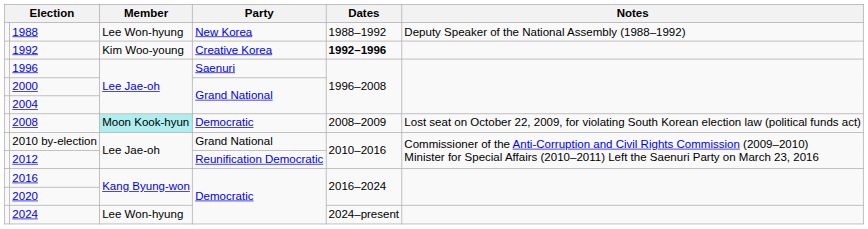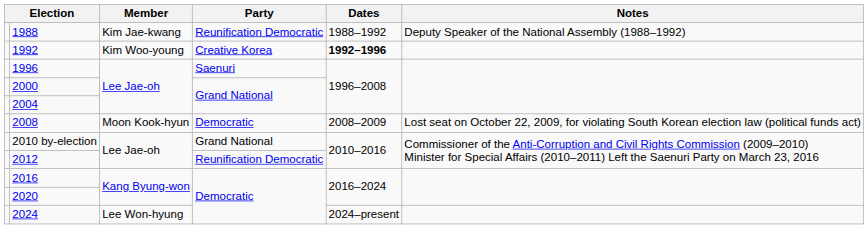 <table class="wikitable">
 <tr>
 <th colspan="2">Election</th>
 <th>Member</th>
 <th>Party</th>
 <th>Dates</th>
 <th>Notes</th>
 </tr>
 <tr>
 <td></td>
 <td><a href='#'>1988</a></td>
-<td>Lee Won-hyung</td>
-<td><a href='#'>New Korea</a></td>
+<td>Kim Jae-kwang</td>
+<td><a href='#'>Reunification Democratic</a></td>
 <td>1988–1992</td>
 <td>Deputy Speaker of the National Assembly (1988–1992)</td>
 </tr>
 <tr>
 <td></td>
 <td><a href='#'>1992</a></td>
 <td>Kim Woo-young</td>
 <td><a href='#'>Creative Korea</a></td>
 <td><strong>1992–1996</strong></td>
 <td></td>
 </tr>
 <tr>
 <td></td>
 <td><a href='#'>1996</a></td>
 <td rowspan="3"><a href='#'>Lee Jae-oh</a></td>
 <td><a href='#'>Saenuri</a></td>
 <td rowspan="3">1996–2008</td>
 <td rowspan="3"></td>
 </tr>
 <tr>
 <td></td>
 <td><a href='#'>2000</a></td>
 <td rowspan="2"><a href='#'>Grand National</a></td>
 </tr>
 <tr>
 <td></td>
 <td><a href='#'>2004</a></td>
 </tr>
 <tr>
 <td></td>
 <td><a href='#'>2008</a></td>
-<td style="background: paleturquoise;">Moon Kook-hyun</td>
+<td>Moon Kook-hyun</td>
 <td><a href='#'>Democratic</a></td>
 <td>2008–2009</td>
 <td>Lost seat on October 22, 2009, for violating South Korean election law (political funds act)</td>
 </tr>
 <tr>
 <td></td>
 <td>2010 by-election</td>
 <td rowspan="2">Lee Jae-oh</td>
 <td>Grand National</td>
 <td rowspan="2">2010–2016</td>
 <td rowspan="2">Commissioner of the <a href='#'>Anti-Corruption and Civil Rights Commission</a> (2009–2010)<br>Minister for Special Affairs (2010–2011) Left the Saenuri Party on March 23, 2016</td>
 </tr>
 <tr>
 <td></td>
 <td><a href='#'>2012</a></td>
 <td><a href='#'>Reunification Democratic</a></td>
 </tr>
 <tr>
 <td></td>
 <td><a href='#'>2016</a></td>
 <td rowspan="2"><a href='#'>Kang Byung-won</a></td>
 <td rowspan="3"><a href='#'>Democratic</a></td>
 <td rowspan="2">2016–2024</td>
 <td rowspan="2"></td>
 </tr>
 <tr>
 <td></td>
 <td><a href='#'>2020</a></td>
 </tr>
 <tr>
 <td></td>
 <td><a href='#'>2024</a></td>
 <td>Lee Won-hyung</td>
 <td>2024–present</td>
 <td></td>
 </tr>
 </table>
